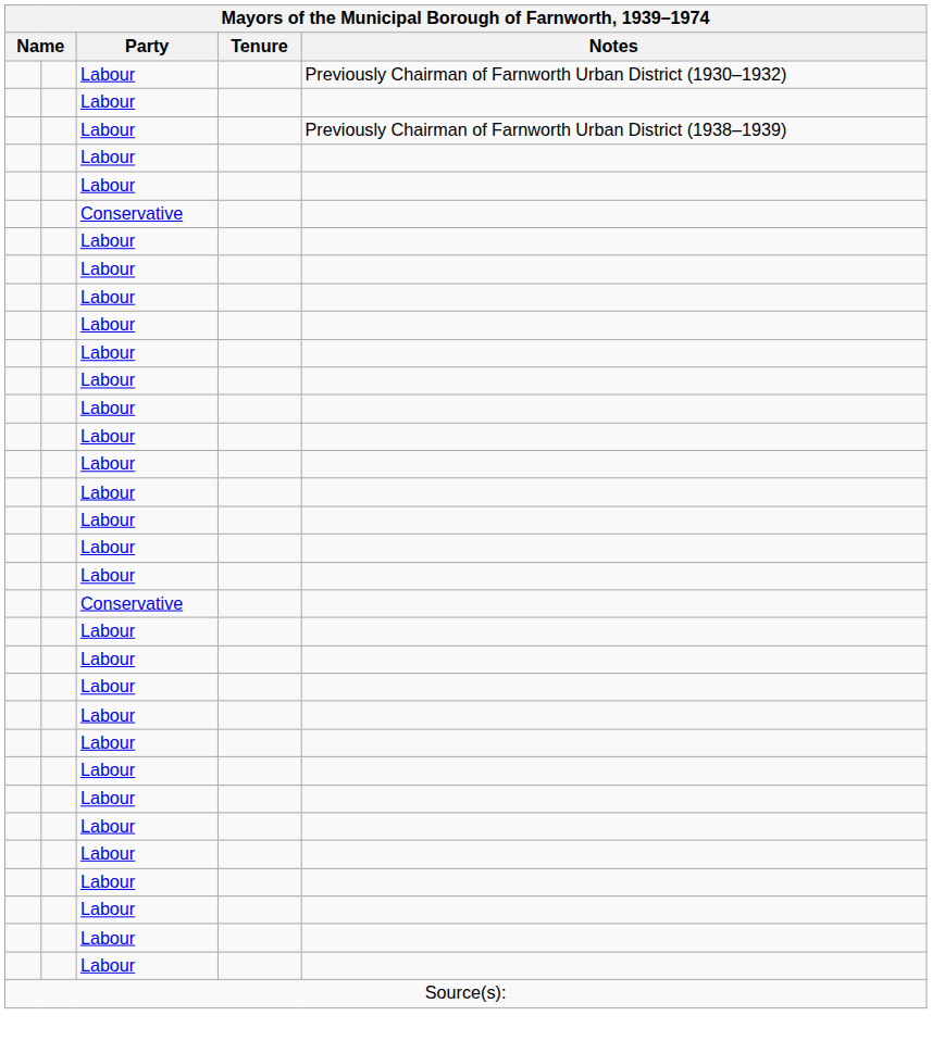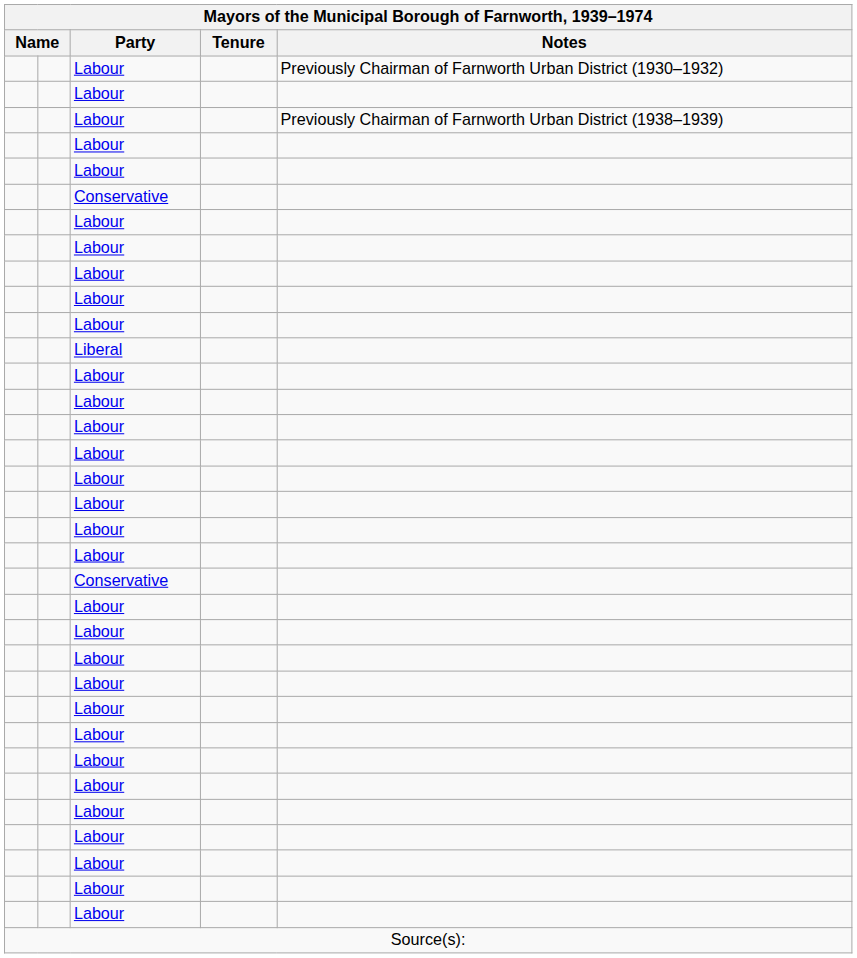 <table class="wikitable sortable" style="width: 95%;">
 <tr>
 <th colspan="5">Mayors of the Municipal Borough of Farnworth, 1939–1974</th>
 </tr>
 <tr>
 <th colspan=2>Name</th>
 <th>Party</th>
 <th>Tenure</th>
 <th class=unsortable>Notes</th>
 </tr>
 <tr>
 <td style="background-color: "></td>
 <td></td>
 <td><a href='#'>Labour</a></td>
 <td></td>
 <td>Previously Chairman of Farnworth Urban District (1930–1932)</td>
 </tr>
 <tr>
 <td style="background-color: "></td>
 <td></td>
 <td><a href='#'>Labour</a></td>
 <td></td>
 <td></td>
 </tr>
 <tr>
 <td style="background-color: "></td>
 <td></td>
 <td><a href='#'>Labour</a></td>
 <td></td>
 <td>Previously Chairman of Farnworth Urban District (1938–1939)</td>
 </tr>
 <tr>
 <td style="background-color: "></td>
 <td></td>
 <td><a href='#'>Labour</a></td>
 <td></td>
 <td></td>
 </tr>
 <tr>
 <td style="background-color: "></td>
 <td></td>
 <td><a href='#'>Labour</a></td>
 <td></td>
 <td></td>
 </tr>
 <tr>
 <td style="background-color: "></td>
 <td></td>
 <td><a href='#'>Conservative</a></td>
 <td></td>
 <td></td>
 </tr>
 <tr>
 <td style="background-color: "></td>
 <td></td>
 <td><a href='#'>Labour</a></td>
 <td></td>
 <td></td>
 </tr>
 <tr>
 <td style="background-color: "></td>
 <td></td>
 <td><a href='#'>Labour</a></td>
 <td></td>
 <td></td>
 </tr>
 <tr>
 <td style="background-color: "></td>
 <td></td>
 <td><a href='#'>Labour</a></td>
 <td></td>
 <td></td>
 </tr>
 <tr>
 <td style="background-color: "></td>
 <td></td>
 <td><a href='#'>Labour</a></td>
 <td></td>
 <td></td>
 </tr>
 <tr>
 <td style="background-color: "></td>
 <td></td>
 <td><a href='#'>Labour</a></td>
+<td></td>
+<td></td>
+</tr>
+<tr>
+<td style="background-color: "></td>
+<td></td>
+<td><a href='#'>Liberal</a></td>
 <td></td>
 <td></td>
 </tr>
 <tr>
 <td style="background-color: "></td>
 <td></td>
 <td><a href='#'>Labour</a></td>
 <td></td>
 <td></td>
 </tr>
 <tr>
 <td style="background-color: "></td>
 <td></td>
 <td><a href='#'>Labour</a></td>
 <td></td>
 <td></td>
 </tr>
 <tr>
 <td style="background-color: "></td>
 <td></td>
 <td><a href='#'>Labour</a></td>
 <td></td>
 <td></td>
 </tr>
 <tr>
 <td style="background-color: "></td>
 <td></td>
 <td><a href='#'>Labour</a></td>
 <td></td>
 <td></td>
 </tr>
 <tr>
 <td style="background-color: "></td>
 <td></td>
 <td><a href='#'>Labour</a></td>
 <td></td>
 <td></td>
 </tr>
 <tr>
 <td style="background-color: "></td>
 <td></td>
 <td><a href='#'>Labour</a></td>
 <td></td>
 <td></td>
 </tr>
 <tr>
 <td style="background-color: "></td>
 <td></td>
 <td><a href='#'>Labour</a></td>
 <td></td>
 <td></td>
 </tr>
 <tr>
 <td style="background-color: "></td>
 <td></td>
 <td><a href='#'>Labour</a></td>
 <td></td>
 <td></td>
 </tr>
 <tr>
 <td style="background-color: "></td>
 <td></td>
 <td><a href='#'>Conservative</a></td>
 <td></td>
 <td></td>
 </tr>
 <tr>
 <td style="background-color: "></td>
 <td></td>
 <td><a href='#'>Labour</a></td>
 <td></td>
 <td></td>
 </tr>
 <tr>
 <td style="background-color: "></td>
 <td></td>
 <td><a href='#'>Labour</a></td>
 <td></td>
 <td></td>
 </tr>
 <tr>
 <td style="background-color: "></td>
 <td></td>
 <td><a href='#'>Labour</a></td>
 <td></td>
 <td></td>
 </tr>
 <tr>
 <td style="background-color: "></td>
 <td></td>
 <td><a href='#'>Labour</a></td>
 <td></td>
 <td></td>
 </tr>
 <tr>
 <td style="background-color: "></td>
 <td></td>
 <td><a href='#'>Labour</a></td>
 <td></td>
 <td></td>
 </tr>
 <tr>
 <td style="background-color: "></td>
 <td></td>
 <td><a href='#'>Labour</a></td>
 <td></td>
 <td></td>
 </tr>
 <tr>
 <td style="background-color: "></td>
 <td></td>
 <td><a href='#'>Labour</a></td>
 <td></td>
 <td></td>
 </tr>
 <tr>
 <td style="background-color: "></td>
 <td></td>
 <td><a href='#'>Labour</a></td>
 <td></td>
 <td></td>
 </tr>
 <tr>
 <td style="background-color: "></td>
 <td></td>
 <td><a href='#'>Labour</a></td>
 <td></td>
 <td></td>
 </tr>
 <tr>
 <td style="background-color: "></td>
 <td></td>
 <td><a href='#'>Labour</a></td>
 <td></td>
 <td></td>
 </tr>
 <tr>
 <td style="background-color: "></td>
 <td></td>
 <td><a href='#'>Labour</a></td>
 <td></td>
 <td></td>
 </tr>
 <tr>
 <td style="background-color: "></td>
 <td></td>
 <td><a href='#'>Labour</a></td>
 <td></td>
 <td></td>
 </tr>
 <tr>
 <td style="background-color: "></td>
 <td></td>
 <td><a href='#'>Labour</a></td>
 <td></td>
 <td></td>
 </tr>
 <tr class="sortbottom">
 <td colspan="5" align="center" class=unsortable>Source(s):</td>
 </tr>
 </table>
